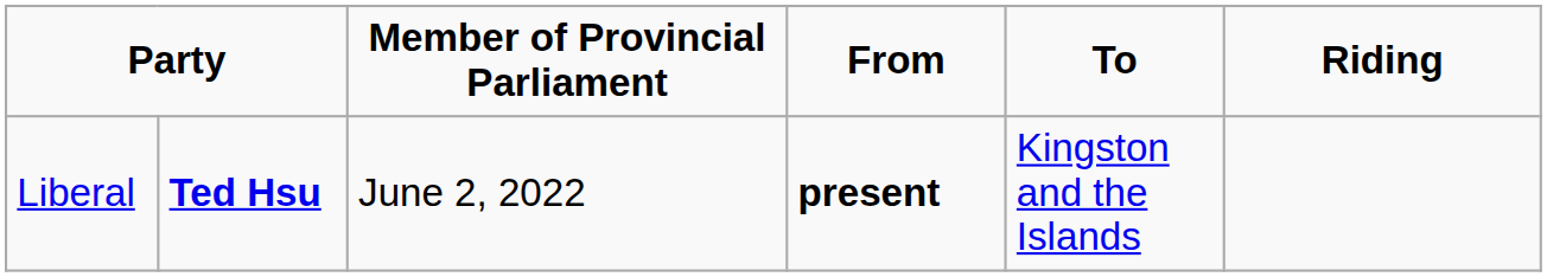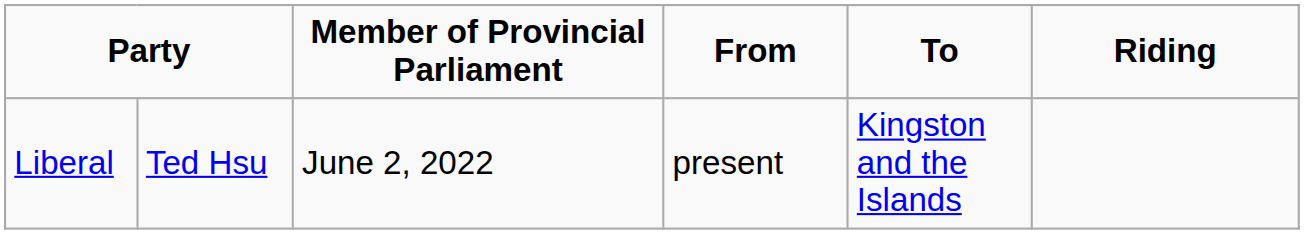 <table border="1" cellpadding="4" cellspacing="0" style="background: #f9f9f9; border: 1px #aaa solid; border-collapse: collapse;">
 <tr>
 <th colspan=2 style="width: 130px">Party</th>
 <th style="width: 170px">Member of Provincial Parliament</th>
 <th style="width: 80px">From</th>
 <th style="width: 80px">To</th>
 <th style="width: 120px">Riding</th>
 </tr>
 <tr>
 <td><a href='#'>Liberal</a></td>
-<td><strong><a href='#'>Ted Hsu</a></strong></td>
+<td><a href='#'>Ted Hsu</a></td>
 <td>June 2, 2022</td>
-<td><strong>present</strong></td>
+<td>present</td>
 <td><a href='#'>Kingston and the Islands</a></td>
 </tr>
 </table>
